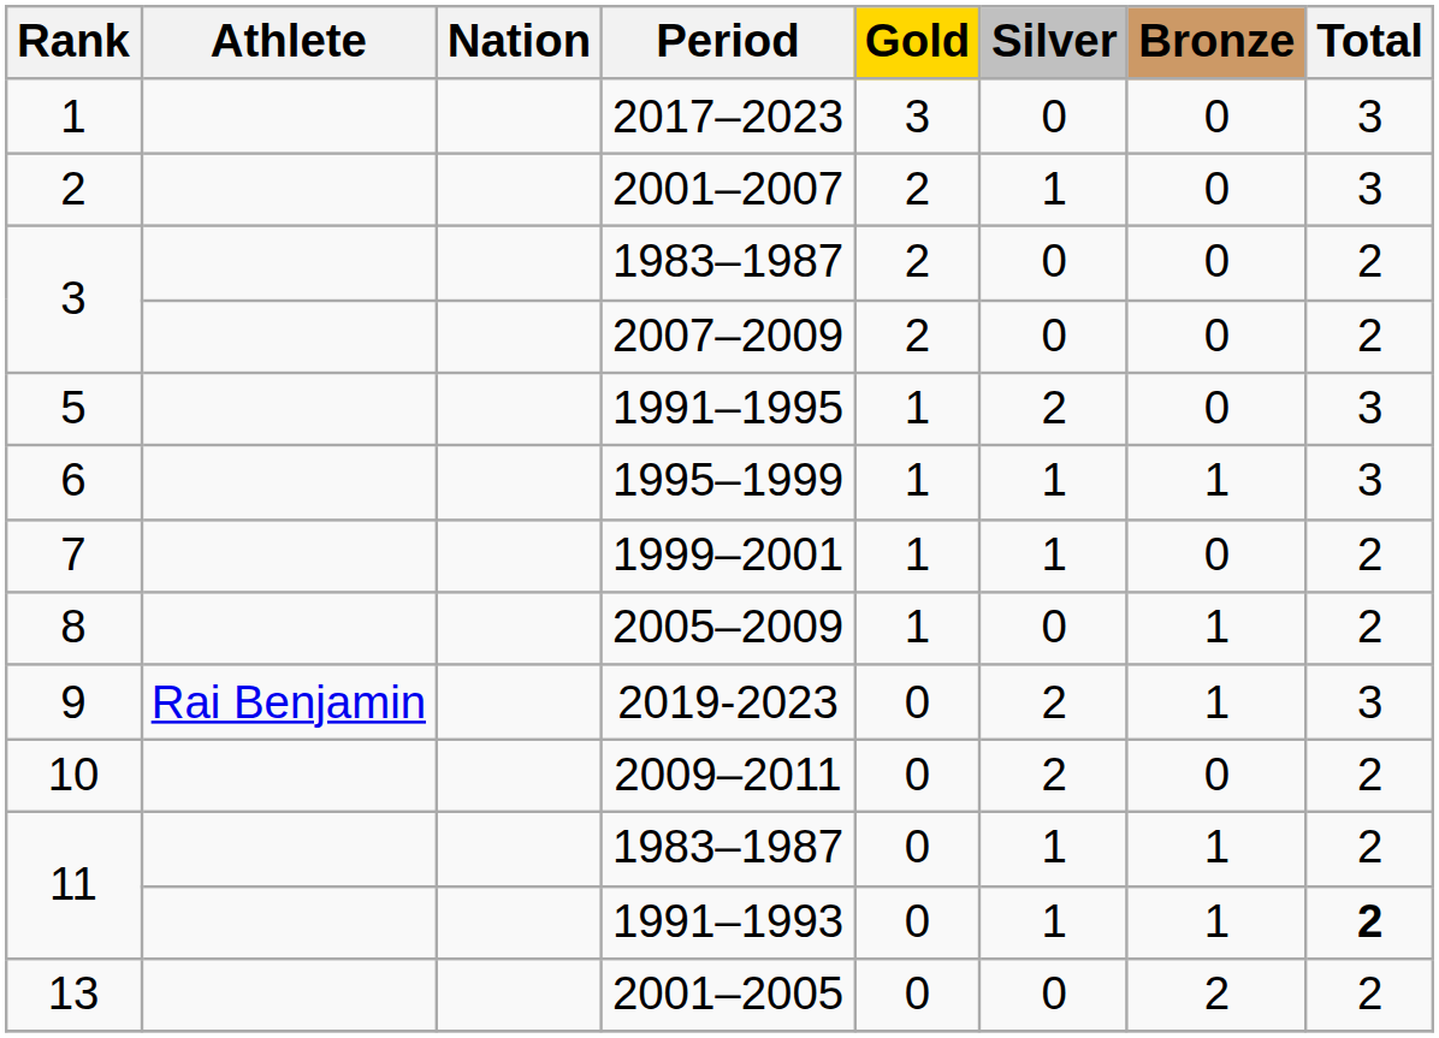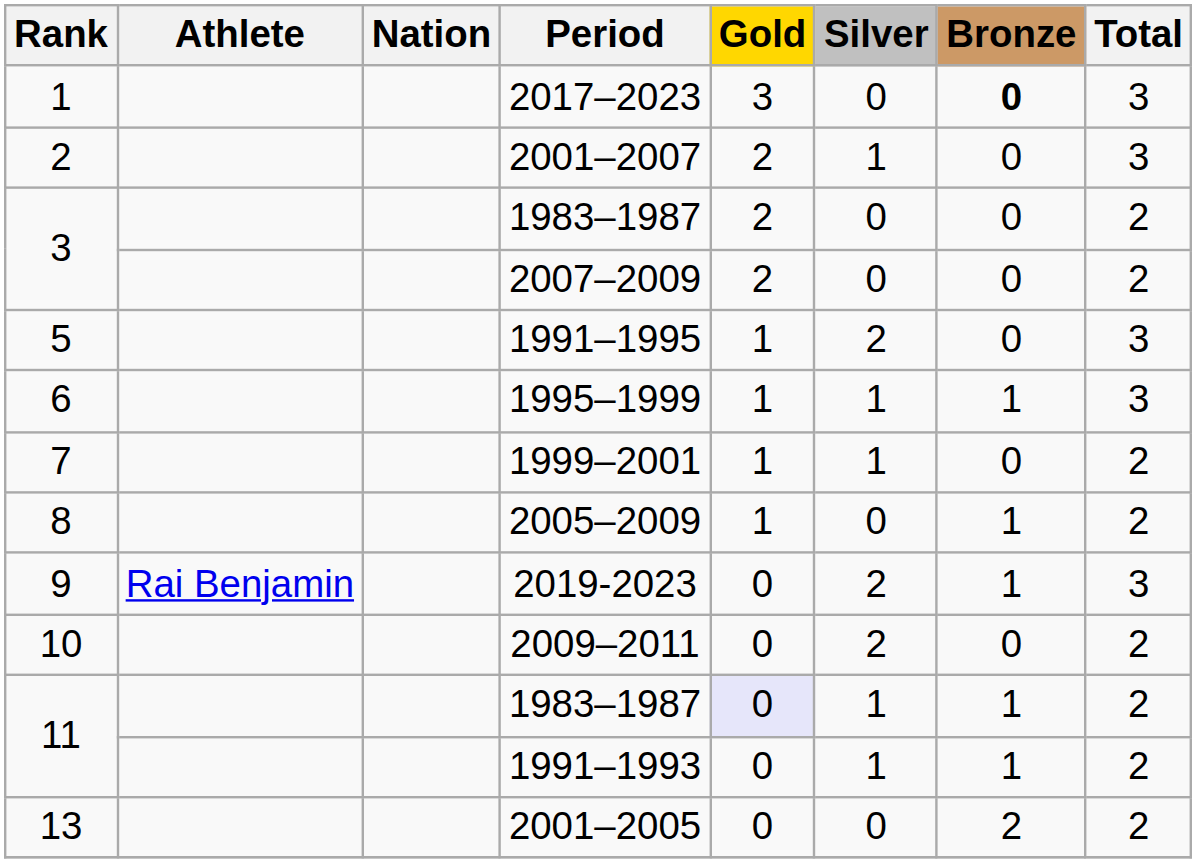 <table class="wikitable sortable" style="text-align:center">
 <tr>
 <th class="unsortable">Rank</th>
 <th>Athlete</th>
 <th>Nation</th>
 <th>Period</th>
 <th style="background-color:gold">Gold</th>
 <th style="background-color:silver">Silver</th>
 <th style="background-color:#cc9966">Bronze</th>
 <th>Total</th>
 </tr>
 <tr>
 <td>1</td>
 <td align="left"></td>
 <td align="left"></td>
 <td>2017–2023</td>
 <td>3</td>
 <td>0</td>
-<td>0</td>
+<td><strong>0</strong></td>
 <td>3</td>
 </tr>
 <tr>
 <td>2</td>
 <td align="left"></td>
 <td align="left"></td>
 <td>2001–2007</td>
 <td>2</td>
 <td>1</td>
 <td>0</td>
 <td>3</td>
 </tr>
 <tr>
 <td rowspan="2">3</td>
 <td align="left"></td>
 <td align="left"></td>
 <td>1983–1987</td>
 <td>2</td>
 <td>0</td>
 <td>0</td>
 <td>2</td>
 </tr>
 <tr>
 <td align="left"></td>
 <td align="left"></td>
 <td>2007–2009</td>
 <td>2</td>
 <td>0</td>
 <td>0</td>
 <td>2</td>
 </tr>
 <tr>
 <td>5</td>
 <td align="left"></td>
 <td align="left"></td>
 <td>1991–1995</td>
 <td>1</td>
 <td>2</td>
 <td>0</td>
 <td>3</td>
 </tr>
 <tr>
 <td>6</td>
 <td align="left"></td>
 <td align="left"></td>
 <td>1995–1999</td>
 <td>1</td>
 <td>1</td>
 <td>1</td>
 <td>3</td>
 </tr>
 <tr>
 <td>7</td>
 <td align=left></td>
 <td align=left></td>
 <td>1999–2001</td>
 <td>1</td>
 <td>1</td>
 <td>0</td>
 <td>2</td>
 </tr>
 <tr>
 <td>8</td>
 <td align=left></td>
 <td align=left></td>
 <td>2005–2009</td>
 <td>1</td>
 <td>0</td>
 <td>1</td>
 <td>2</td>
 </tr>
 <tr>
 <td>9</td>
 <td align="left"><a href='#'>Rai Benjamin</a></td>
 <td align="left"></td>
 <td>2019-2023</td>
 <td>0</td>
 <td>2</td>
 <td>1</td>
 <td>3</td>
 </tr>
 <tr>
 <td>10</td>
 <td align="left"></td>
 <td align="left"></td>
 <td>2009–2011</td>
 <td>0</td>
 <td>2</td>
 <td>0</td>
 <td>2</td>
 </tr>
 <tr>
 <td rowspan="2">11</td>
 <td align="left"></td>
 <td align="left"></td>
 <td>1983–1987</td>
-<td>0</td>
+<td style="background: lavender;">0</td>
 <td>1</td>
 <td>1</td>
 <td>2</td>
 </tr>
 <tr>
 <td align="left"></td>
 <td align="left"></td>
 <td>1991–1993</td>
 <td>0</td>
 <td>1</td>
 <td>1</td>
-<td><strong>2</strong></td>
+<td>2</td>
 </tr>
 <tr>
 <td>13</td>
 <td align="left"></td>
 <td align="left"></td>
 <td>2001–2005</td>
 <td>0</td>
 <td>0</td>
 <td>2</td>
 <td>2</td>
 </tr>
 <tr>
 </tr>
 </table>
